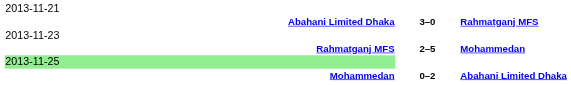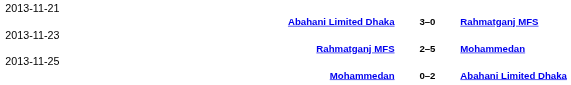 <table width=100% cellspacing=1>
 <tr>
 <th></th>
 <th></th>
 <th></th>
 </tr>
 <tr>
 <td>2013-11-21</td>
 </tr>
 <tr style=font-size:90%>
 <td align=right><strong><a href='#'>Abahani Limited Dhaka</a></strong></td>
 <td align=center><strong>3–0</strong></td>
 <td><strong><a href='#'>Rahmatganj MFS</a></strong></td>
 </tr>
 <tr>
 <td>2013-11-23</td>
 </tr>
 <tr style=font-size:90%>
 <td align=right><strong><a href='#'>Rahmatganj MFS</a></strong></td>
 <td align=center><strong>2–5</strong></td>
 <td><strong><a href='#'>Mohammedan</a></strong></td>
 </tr>
 <tr>
-<td style="background: lightgreen;">2013-11-25</td>
+<td>2013-11-25</td>
 </tr>
 <tr style=font-size:90%>
 <td align=right><strong><a href='#'>Mohammedan</a></strong></td>
 <td align=center><strong>0–2</strong></td>
 <td><strong><a href='#'>Abahani Limited Dhaka</a></strong></td>
 </tr>
 <tr>
 </tr>
 </table>
